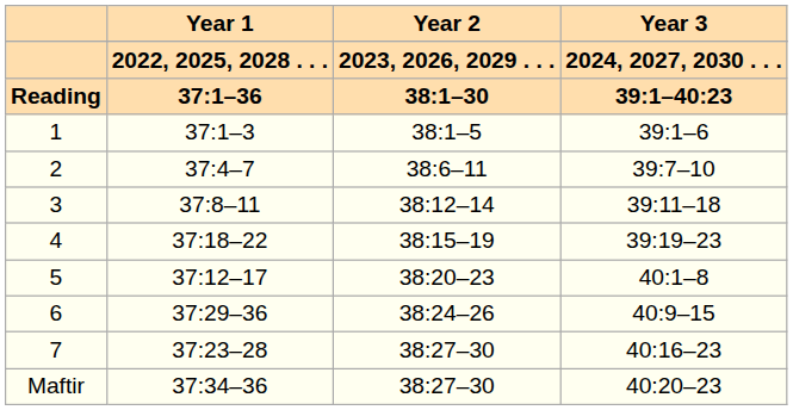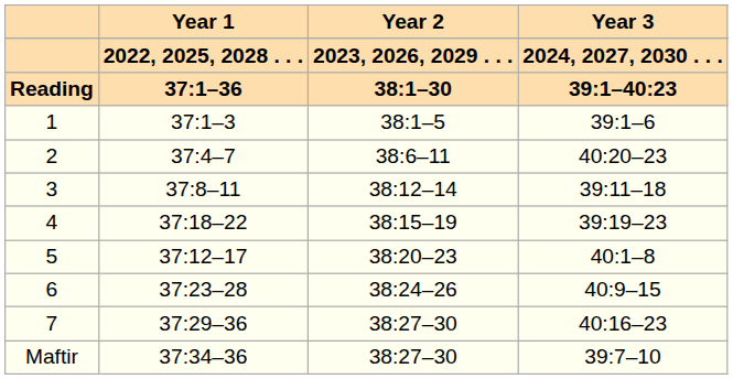 <table class="wikitable" style="background:Ivory; text-align:center">
 <tr>
 <th style="background:Navajowhite;"></th>
 <th style="background:Navajowhite;">Year 1</th>
 <th style="background:Navajowhite;">Year 2</th>
 <th style="background:Navajowhite;">Year 3</th>
 </tr>
 <tr>
 </tr>
 <tr>
 <th style="background:Navajowhite;"></th>
 <th style="background:Navajowhite;">2022, 2025, 2028 . . .</th>
 <th style="background:Navajowhite;">2023, 2026, 2029 . . .</th>
 <th style="background:Navajowhite;">2024, 2027, 2030 . . .</th>
 </tr>
 <tr>
 <th style="background:Navajowhite;">Reading</th>
 <th style="background:Navajowhite;">37:1–36</th>
 <th style="background:Navajowhite;">38:1–30</th>
 <th style="background:Navajowhite;">39:1–40:23</th>
 </tr>
 <tr>
 <td>1</td>
 <td>37:1–3</td>
 <td>38:1–5</td>
 <td>39:1–6</td>
 </tr>
 <tr>
 <td>2</td>
 <td>37:4–7</td>
 <td>38:6–11</td>
-<td>39:7–10</td>
+<td>40:20–23</td>
 </tr>
 <tr>
 <td>3</td>
 <td>37:8–11</td>
 <td>38:12–14</td>
 <td>39:11–18</td>
 </tr>
 <tr>
 <td>4</td>
 <td>37:18–22</td>
 <td>38:15–19</td>
 <td>39:19–23</td>
 </tr>
 <tr>
 <td>5</td>
 <td>37:12–17</td>
 <td>38:20–23</td>
 <td>40:1–8</td>
 </tr>
 <tr>
 <td>6</td>
-<td>37:29–36</td>
+<td>37:23–28</td>
 <td>38:24–26</td>
 <td>40:9–15</td>
 </tr>
 <tr>
 <td>7</td>
-<td>37:23–28</td>
+<td>37:29–36</td>
 <td>38:27–30</td>
 <td>40:16–23</td>
 </tr>
 <tr>
 <td>Maftir</td>
 <td>37:34–36</td>
 <td>38:27–30</td>
-<td>40:20–23</td>
+<td>39:7–10</td>
 </tr>
 </table>
